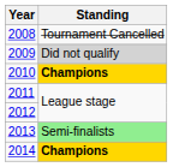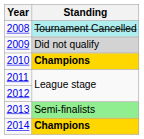 <table class="wikitable">
 <tr>
 <th>Year</th>
 <th>Standing</th>
 </tr>
 <tr>
 <td><a href='#'>2008</a></td>
-<td><s>Tournament Cancelled</s></td>
+<td style="background: paleturquoise;"><s>Tournament Cancelled</s></td>
 </tr>
 <tr>
 <td><a href='#'>2009</a></td>
 <td style="background: lightgrey;">Did not qualify</td>
 </tr>
 <tr>
 <td><a href='#'>2010</a></td>
 <td bgcolor="gold"><strong>Champions</strong></td>
 </tr>
 <tr>
 <td><a href='#'>2011</a></td>
 <td rowspan="2">League stage</td>
 </tr>
 <tr>
 <td><a href='#'>2012</a></td>
 </tr>
 <tr>
 <td><a href='#'>2013</a></td>
 <td bgcolor="lightgreen">Semi-finalists</td>
 </tr>
 <tr>
 <td><a href='#'>2014</a></td>
 <td bgcolor="gold"><strong>Champions</strong></td>
 </tr>
 </table>
